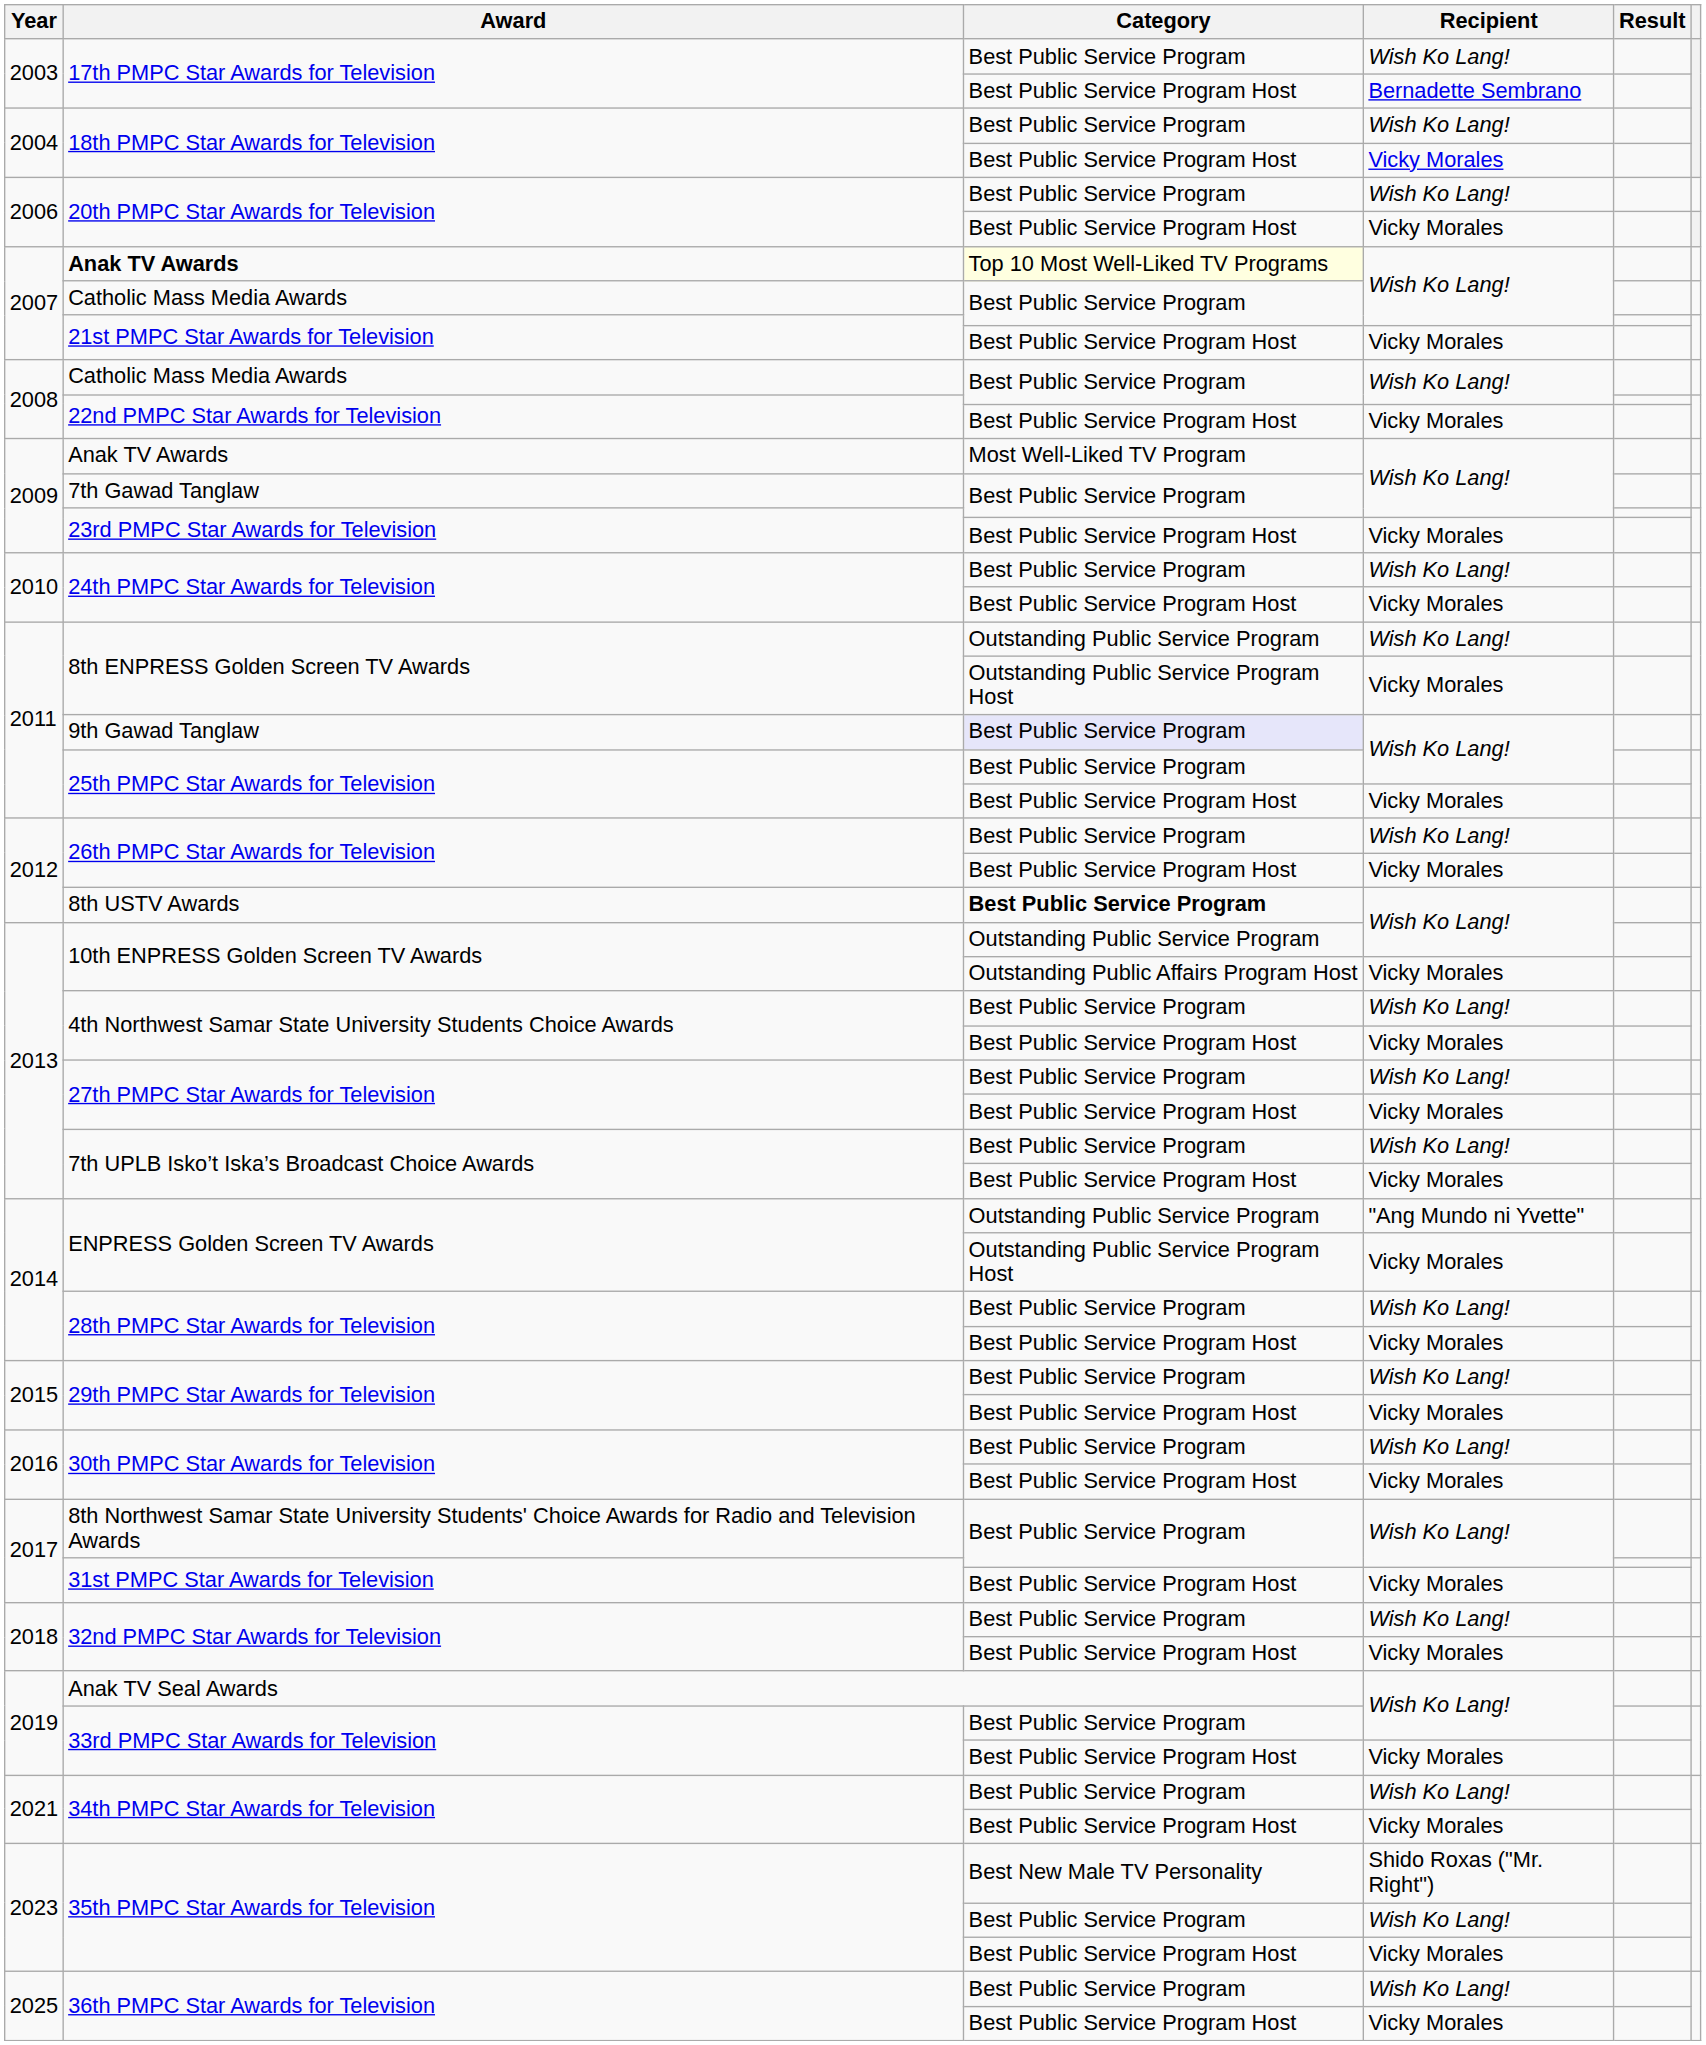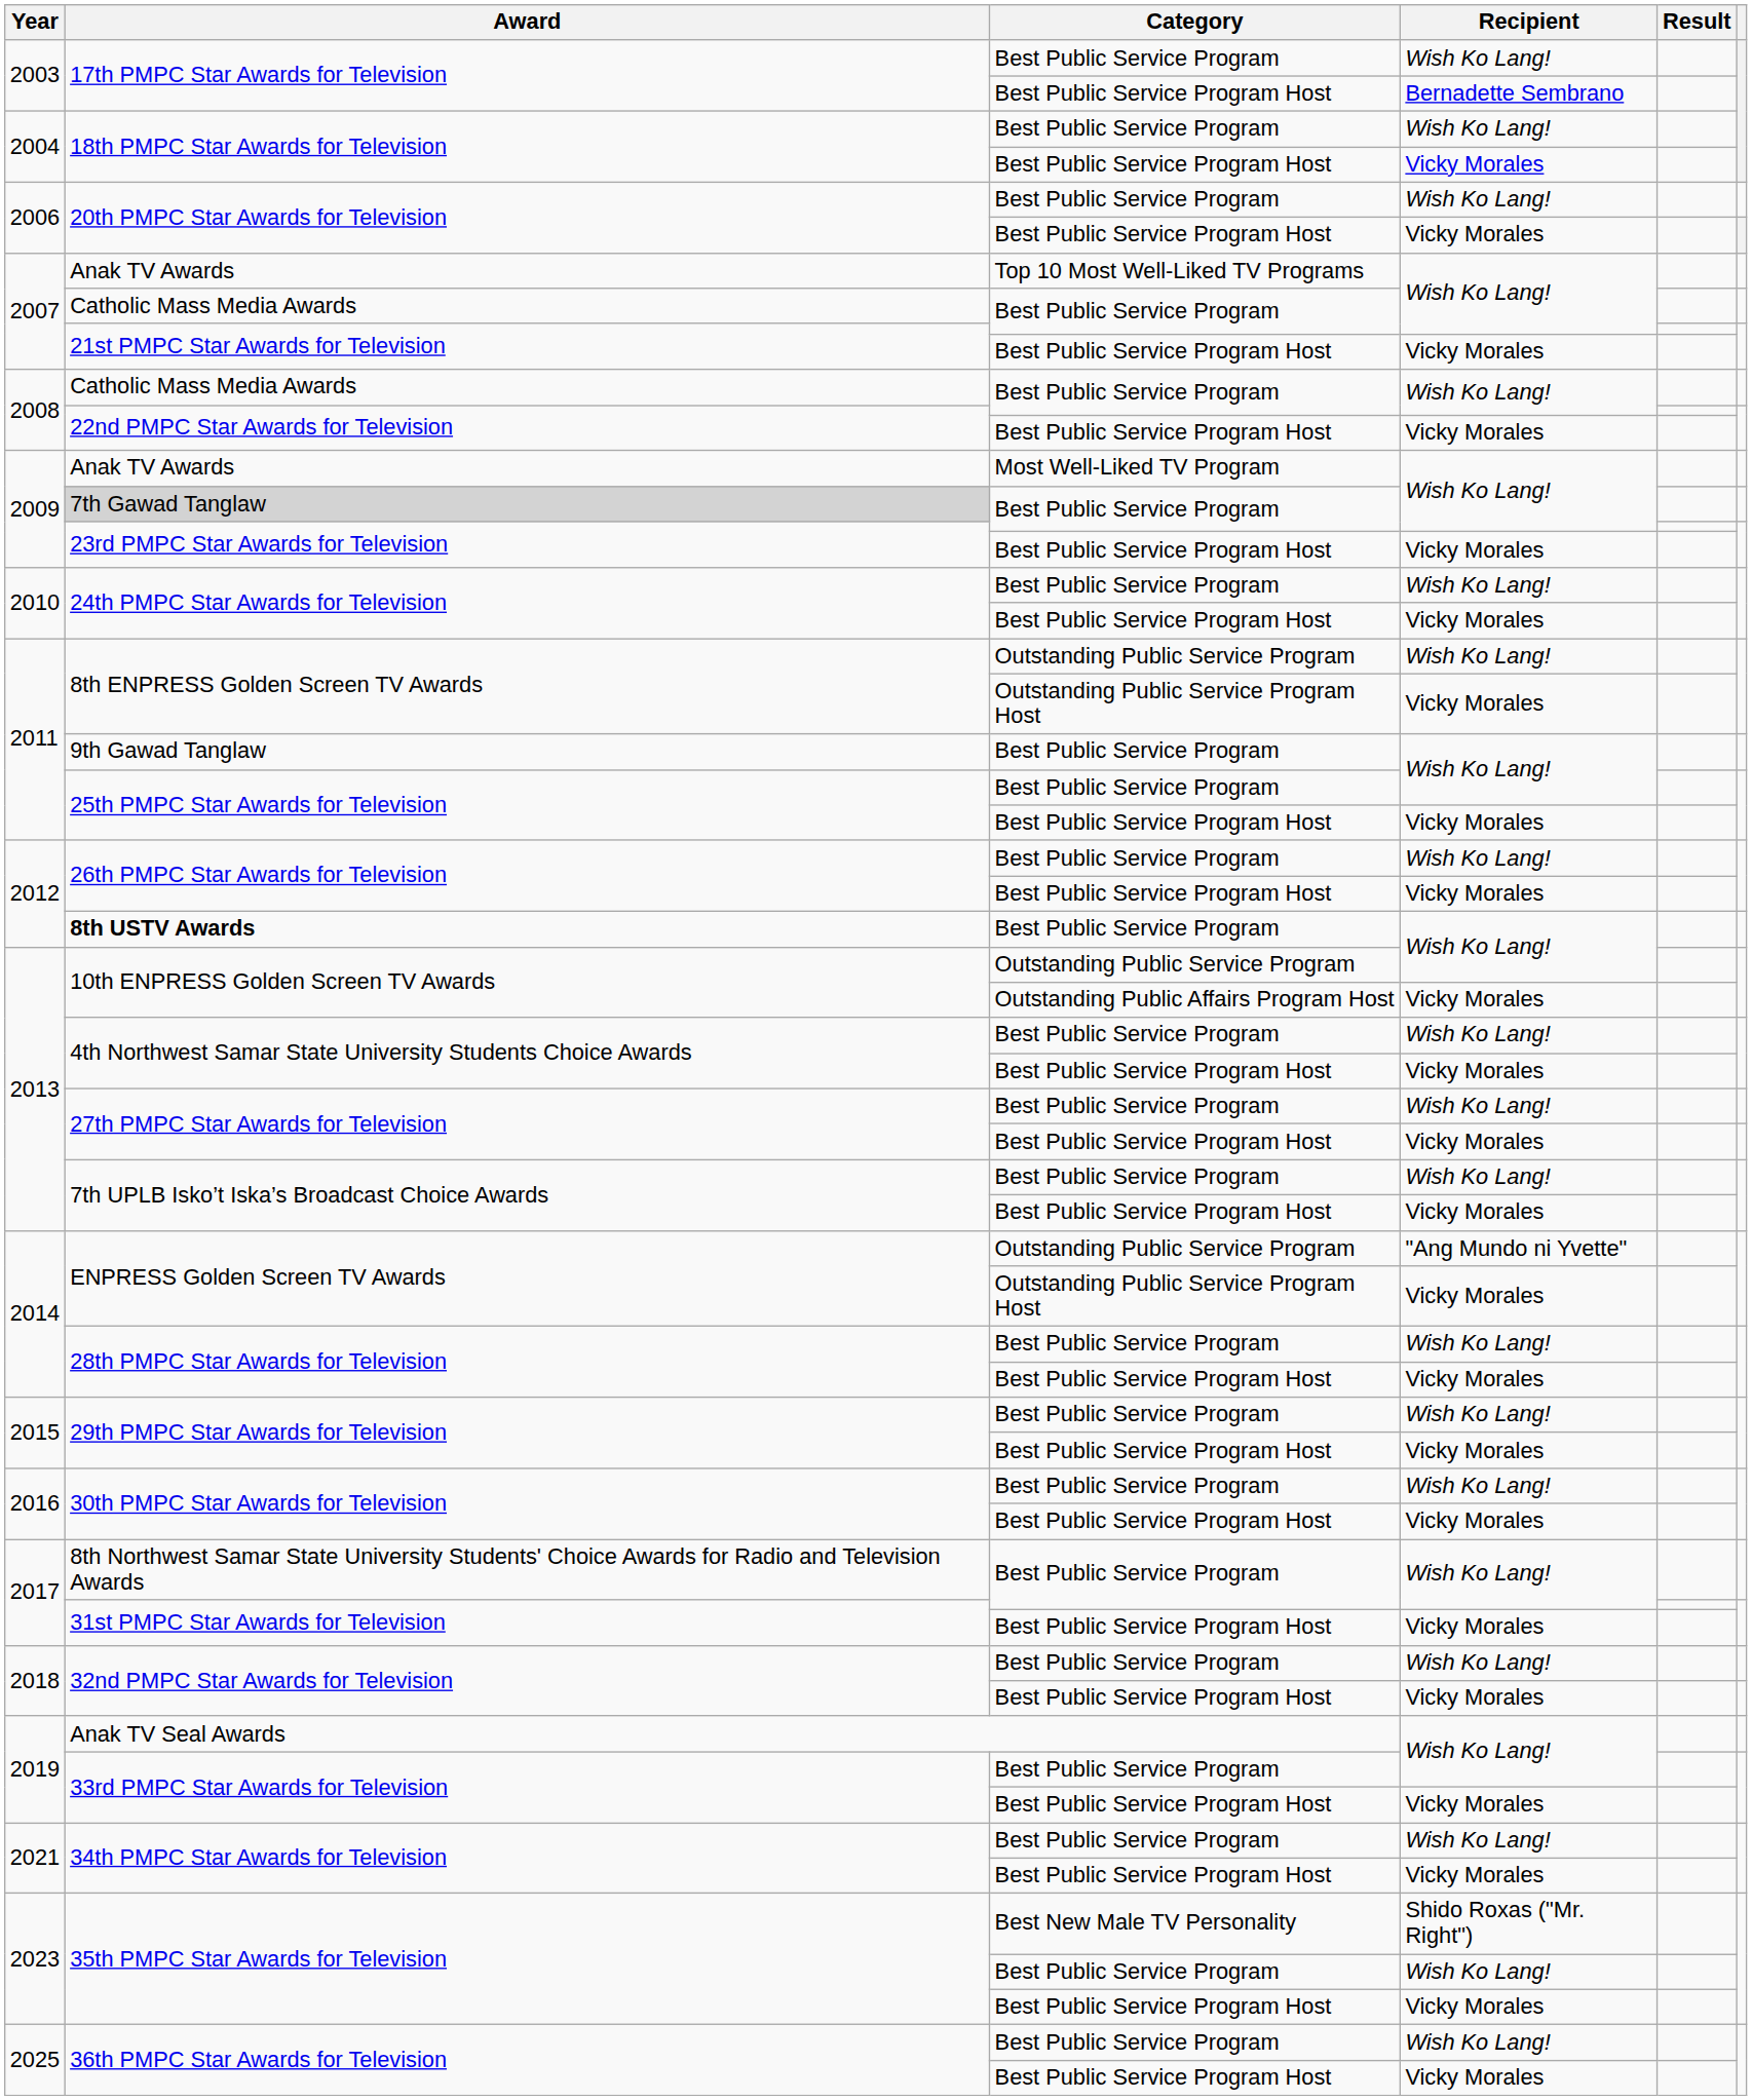 <table class="wikitable">
 <tr>
 <th>Year</th>
 <th>Award</th>
 <th>Category</th>
 <th>Recipient</th>
 <th>Result</th>
 <th></th>
 </tr>
 <tr>
 <td rowspan=2>2003</td>
 <td rowspan=2><a href='#'>17th PMPC Star Awards for Television</a></td>
 <td>Best Public Service Program</td>
 <td><em>Wish Ko Lang!</em></td>
 <td></td>
 <th rowspan=4></th>
 </tr>
 <tr>
 <td>Best Public Service Program Host</td>
 <td><a href='#'>Bernadette Sembrano</a></td>
 <td></td>
 </tr>
 <tr>
 <td rowspan=2>2004</td>
 <td rowspan=2><a href='#'>18th PMPC Star Awards for Television</a></td>
 <td>Best Public Service Program</td>
 <td><em>Wish Ko Lang!</em></td>
 <td></td>
 </tr>
 <tr>
 <td>Best Public Service Program Host</td>
 <td><a href='#'>Vicky Morales</a></td>
 <td></td>
 </tr>
 <tr>
 <td rowspan=2>2006</td>
 <td rowspan=2><a href='#'>20th PMPC Star Awards for Television</a></td>
 <td>Best Public Service Program</td>
 <td><em>Wish Ko Lang!</em></td>
 <td></td>
 <td></td>
 </tr>
 <tr>
 <td>Best Public Service Program Host</td>
 <td>Vicky Morales</td>
 <td></td>
 <th></th>
 </tr>
 <tr>
 <td rowspan=4>2007</td>
-<td><strong>Anak TV Awards</strong></td>
-<td style="background: lightyellow;">Top 10 Most Well-Liked TV Programs</td>
+<td>Anak TV Awards</td>
+<td>Top 10 Most Well-Liked TV Programs</td>
 <td rowspan=3><em>Wish Ko Lang!</em></td>
 <td></td>
 <td></td>
 </tr>
 <tr>
 <td>Catholic Mass Media Awards</td>
 <td rowspan=2>Best Public Service Program</td>
 <td></td>
 <td></td>
 </tr>
 <tr>
 <td rowspan=2><a href='#'>21st PMPC Star Awards for Television</a></td>
 <td></td>
 <td rowspan=2></td>
 </tr>
 <tr>
 <td>Best Public Service Program Host</td>
 <td>Vicky Morales</td>
 <td></td>
 </tr>
 <tr>
 <td rowspan=3>2008</td>
 <td>Catholic Mass Media Awards</td>
 <td rowspan=2>Best Public Service Program</td>
 <td rowspan=2><em>Wish Ko Lang!</em></td>
 <td></td>
 <td></td>
 </tr>
 <tr>
 <td rowspan=2><a href='#'>22nd PMPC Star Awards for Television</a></td>
 <td></td>
 <td rowspan=2></td>
 </tr>
 <tr>
 <td>Best Public Service Program Host</td>
 <td>Vicky Morales</td>
 <td></td>
 </tr>
 <tr>
 <td rowspan=4>2009</td>
 <td>Anak TV Awards</td>
 <td>Most Well-Liked TV Program</td>
 <td rowspan=3><em>Wish Ko Lang!</em></td>
 <td></td>
 <td></td>
 </tr>
 <tr>
-<td>7th Gawad Tanglaw</td>
+<td style="background: lightgrey;">7th Gawad Tanglaw</td>
 <td rowspan=2>Best Public Service Program</td>
 <td></td>
 <td></td>
 </tr>
 <tr>
 <td rowspan=2><a href='#'>23rd PMPC Star Awards for Television</a></td>
 <td></td>
 <td rowspan=2></td>
 </tr>
 <tr>
 <td>Best Public Service Program Host</td>
 <td>Vicky Morales</td>
 <td></td>
 </tr>
 <tr>
 <td rowspan=2>2010</td>
 <td rowspan=2><a href='#'>24th PMPC Star Awards for Television</a></td>
 <td>Best Public Service Program</td>
 <td><em>Wish Ko Lang!</em></td>
 <td></td>
 <td rowspan=2></td>
 </tr>
 <tr>
 <td>Best Public Service Program Host</td>
 <td>Vicky Morales</td>
 <td></td>
 </tr>
 <tr>
 <td rowspan=5>2011</td>
 <td rowspan=2>8th ENPRESS Golden Screen TV Awards</td>
 <td>Outstanding Public Service Program</td>
 <td><em>Wish Ko Lang!</em></td>
 <td></td>
 <td rowspan=2></td>
 </tr>
 <tr>
 <td>Outstanding Public Service Program Host</td>
 <td>Vicky Morales</td>
 <td></td>
 </tr>
 <tr>
 <td>9th Gawad Tanglaw</td>
-<td style="background: lavender;">Best Public Service Program</td>
+<td>Best Public Service Program</td>
 <td rowspan=2><em>Wish Ko Lang!</em></td>
 <td></td>
 <td></td>
 </tr>
 <tr>
 <td rowspan=2><a href='#'>25th PMPC Star Awards for Television</a></td>
 <td>Best Public Service Program</td>
 <td></td>
 <td rowspan=2></td>
 </tr>
 <tr>
 <td>Best Public Service Program Host</td>
 <td>Vicky Morales</td>
 <td></td>
 </tr>
 <tr>
 <td rowspan=3>2012</td>
 <td rowspan=2><a href='#'>26th PMPC Star Awards for Television</a></td>
 <td>Best Public Service Program</td>
 <td><em>Wish Ko Lang!</em></td>
 <td></td>
 <td rowspan=2></td>
 </tr>
 <tr>
 <td>Best Public Service Program Host</td>
 <td>Vicky Morales</td>
 <td></td>
 </tr>
 <tr>
-<td>8th USTV Awards</td>
-<td><strong>Best Public Service Program</strong></td>
+<td><strong>8th USTV Awards</strong></td>
+<td>Best Public Service Program</td>
 <td rowspan=2><em>Wish Ko Lang!</em></td>
 <td></td>
 <td></td>
 </tr>
 <tr>
 <td rowspan=8>2013</td>
 <td rowspan=2>10th ENPRESS Golden Screen TV Awards</td>
 <td>Outstanding Public Service Program</td>
 <td></td>
 <td rowspan=2></td>
 </tr>
 <tr>
 <td>Outstanding Public Affairs Program Host</td>
 <td>Vicky Morales</td>
 <td></td>
 </tr>
 <tr>
 <td rowspan=2>4th Northwest Samar State University Students Choice Awards</td>
 <td>Best Public Service Program</td>
 <td><em>Wish Ko Lang!</em></td>
 <td></td>
 <td rowspan=2></td>
 </tr>
 <tr>
 <td>Best Public Service Program Host</td>
 <td>Vicky Morales</td>
 <td></td>
 </tr>
 <tr>
 <td rowspan=2><a href='#'>27th PMPC Star Awards for Television</a></td>
 <td>Best Public Service Program</td>
 <td><em>Wish Ko Lang!</em></td>
 <td></td>
 <td></td>
 </tr>
 <tr>
 <td>Best Public Service Program Host</td>
 <td>Vicky Morales</td>
 <td></td>
 <td></td>
 </tr>
 <tr>
 <td rowspan=2>7th UPLB Isko’t Iska’s Broadcast Choice Awards</td>
 <td>Best Public Service Program</td>
 <td><em>Wish Ko Lang!</em></td>
 <td></td>
 <td rowspan=2></td>
 </tr>
 <tr>
 <td>Best Public Service Program Host</td>
 <td>Vicky Morales</td>
 <td></td>
 </tr>
 <tr>
 <td rowspan=4>2014</td>
 <td rowspan=2>ENPRESS Golden Screen TV Awards</td>
 <td>Outstanding Public Service Program</td>
 <td>"Ang Mundo ni Yvette"</td>
 <td></td>
 <td rowspan=2></td>
 </tr>
 <tr>
 <td>Outstanding Public Service Program Host</td>
 <td>Vicky Morales</td>
 <td></td>
 </tr>
 <tr>
 <td rowspan=2><a href='#'>28th PMPC Star Awards for Television</a></td>
 <td>Best Public Service Program</td>
 <td><em>Wish Ko Lang!</em></td>
 <td></td>
 <td rowspan=2></td>
 </tr>
 <tr>
 <td>Best Public Service Program Host</td>
 <td>Vicky Morales</td>
 <td></td>
 </tr>
 <tr>
 <td rowspan=2>2015</td>
 <td rowspan=2><a href='#'>29th PMPC Star Awards for Television</a></td>
 <td>Best Public Service Program</td>
 <td><em>Wish Ko Lang!</em></td>
 <td></td>
 <td rowspan=2></td>
 </tr>
 <tr>
 <td>Best Public Service Program Host</td>
 <td>Vicky Morales</td>
 <td></td>
 </tr>
 <tr>
 <td rowspan=2>2016</td>
 <td rowspan=2><a href='#'>30th PMPC Star Awards for Television</a></td>
 <td>Best Public Service Program</td>
 <td><em>Wish Ko Lang!</em></td>
 <td></td>
 <td rowspan=2></td>
 </tr>
 <tr>
 <td>Best Public Service Program Host</td>
 <td>Vicky Morales</td>
 <td></td>
 </tr>
 <tr>
 <td rowspan=3>2017</td>
 <td>8th Northwest Samar State University Students' Choice Awards for Radio and Television Awards</td>
 <td rowspan=2>Best Public Service Program</td>
 <td rowspan=2><em>Wish Ko Lang!</em></td>
 <td></td>
 <td></td>
 </tr>
 <tr>
 <td rowspan=2><a href='#'>31st PMPC Star Awards for Television</a></td>
 <td></td>
 <td rowspan=2></td>
 </tr>
 <tr>
 <td>Best Public Service Program Host</td>
 <td>Vicky Morales</td>
 <td></td>
 </tr>
 <tr>
 <td rowspan=2>2018</td>
 <td rowspan=2><a href='#'>32nd PMPC Star Awards for Television</a></td>
 <td>Best Public Service Program</td>
 <td><em>Wish Ko Lang!</em></td>
 <td></td>
 <td></td>
 </tr>
 <tr>
 <td>Best Public Service Program Host</td>
 <td>Vicky Morales</td>
 <td></td>
 <td></td>
 </tr>
 <tr>
 <td rowspan=3>2019</td>
 <td colspan=2>Anak TV Seal Awards</td>
 <td rowspan=2><em>Wish Ko Lang!</em></td>
 <td></td>
 <td></td>
 </tr>
 <tr>
 <td rowspan=2><a href='#'>33rd PMPC Star Awards for Television</a></td>
 <td>Best Public Service Program</td>
 <td></td>
 <td rowspan=2></td>
 </tr>
 <tr>
 <td>Best Public Service Program Host</td>
 <td>Vicky Morales</td>
 <td></td>
 </tr>
 <tr>
 <td rowspan=2>2021</td>
 <td rowspan=2><a href='#'>34th PMPC Star Awards for Television</a></td>
 <td>Best Public Service Program</td>
 <td><em>Wish Ko Lang!</em></td>
 <td></td>
 <td rowspan=2></td>
 </tr>
 <tr>
 <td>Best Public Service Program Host</td>
 <td>Vicky Morales</td>
 <td></td>
 </tr>
 <tr>
 <td rowspan=3>2023</td>
 <td rowspan=3><a href='#'>35th PMPC Star Awards for Television</a></td>
 <td>Best New Male TV Personality</td>
 <td>Shido Roxas ("Mr. Right")</td>
 <td></td>
 <td rowspan=3></td>
 </tr>
 <tr>
 <td>Best Public Service Program</td>
 <td><em>Wish Ko Lang!</em></td>
 <td></td>
 </tr>
 <tr>
 <td>Best Public Service Program Host</td>
 <td>Vicky Morales</td>
 <td></td>
 </tr>
 <tr>
 <td rowspan=2>2025</td>
 <td rowspan=2><a href='#'>36th PMPC Star Awards for Television</a></td>
 <td>Best Public Service Program</td>
 <td><em>Wish Ko Lang!</em></td>
 <td></td>
 <td rowspan=2></td>
 </tr>
 <tr>
 <td>Best Public Service Program Host</td>
 <td>Vicky Morales</td>
 <td></td>
 </tr>
 </table>
